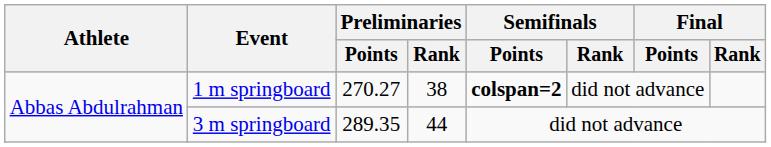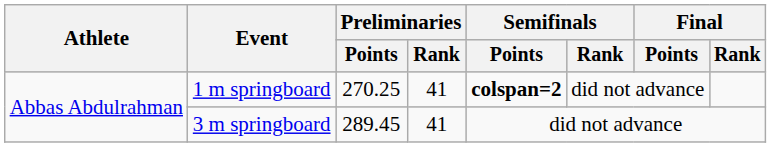 <table class=wikitable style="font-size:90%">
 <tr>
 <th rowspan="2">Athlete</th>
 <th rowspan="2">Event</th>
 <th colspan="2">Preliminaries</th>
 <th colspan="2">Semifinals</th>
 <th colspan="2">Final</th>
 </tr>
 <tr style="font-size:95%">
 <th>Points</th>
 <th>Rank</th>
 <th>Points</th>
 <th>Rank</th>
 <th>Points</th>
 <th>Rank</th>
 </tr>
 <tr align=center>
 <td align=left rowspan=2><a href='#'>Abbas Abdulrahman</a></td>
 <td align=left><a href='#'>1 m springboard</a></td>
-<td>270.27</td>
-<td>38</td>
+<td>270.25</td>
+<td>41</td>
 <td><strong>colspan=2 </strong></td>
 <td colspan=2>did not advance</td>
 </tr>
 <tr align=center>
 <td align=left><a href='#'>3 m springboard</a></td>
-<td>289.35</td>
-<td>44</td>
+<td>289.45</td>
+<td>41</td>
 <td colspan=4>did not advance</td>
 </tr>
 </table>
